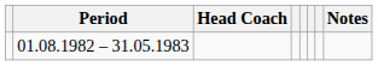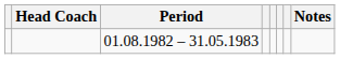 <table class="wikitable" style="text-align: left;">
 <tr>
 <th></th>
+<th>Head Coach</th>
 <th>Period</th>
-<th>Head Coach</th>
 <th></th>
 <th></th>
 <th></th>
 <th></th>
 <th>Notes</th>
 </tr>
 <tr>
 <td></td>
+<td></td>
 <td>01.08.1982 – 31.05.1983</td>
-<td></td>
 <td align="center"></td>
 <td align="center"></td>
 <td align="center"></td>
 <td align="center"></td>
 <td></td>
 </tr>
 </table>
